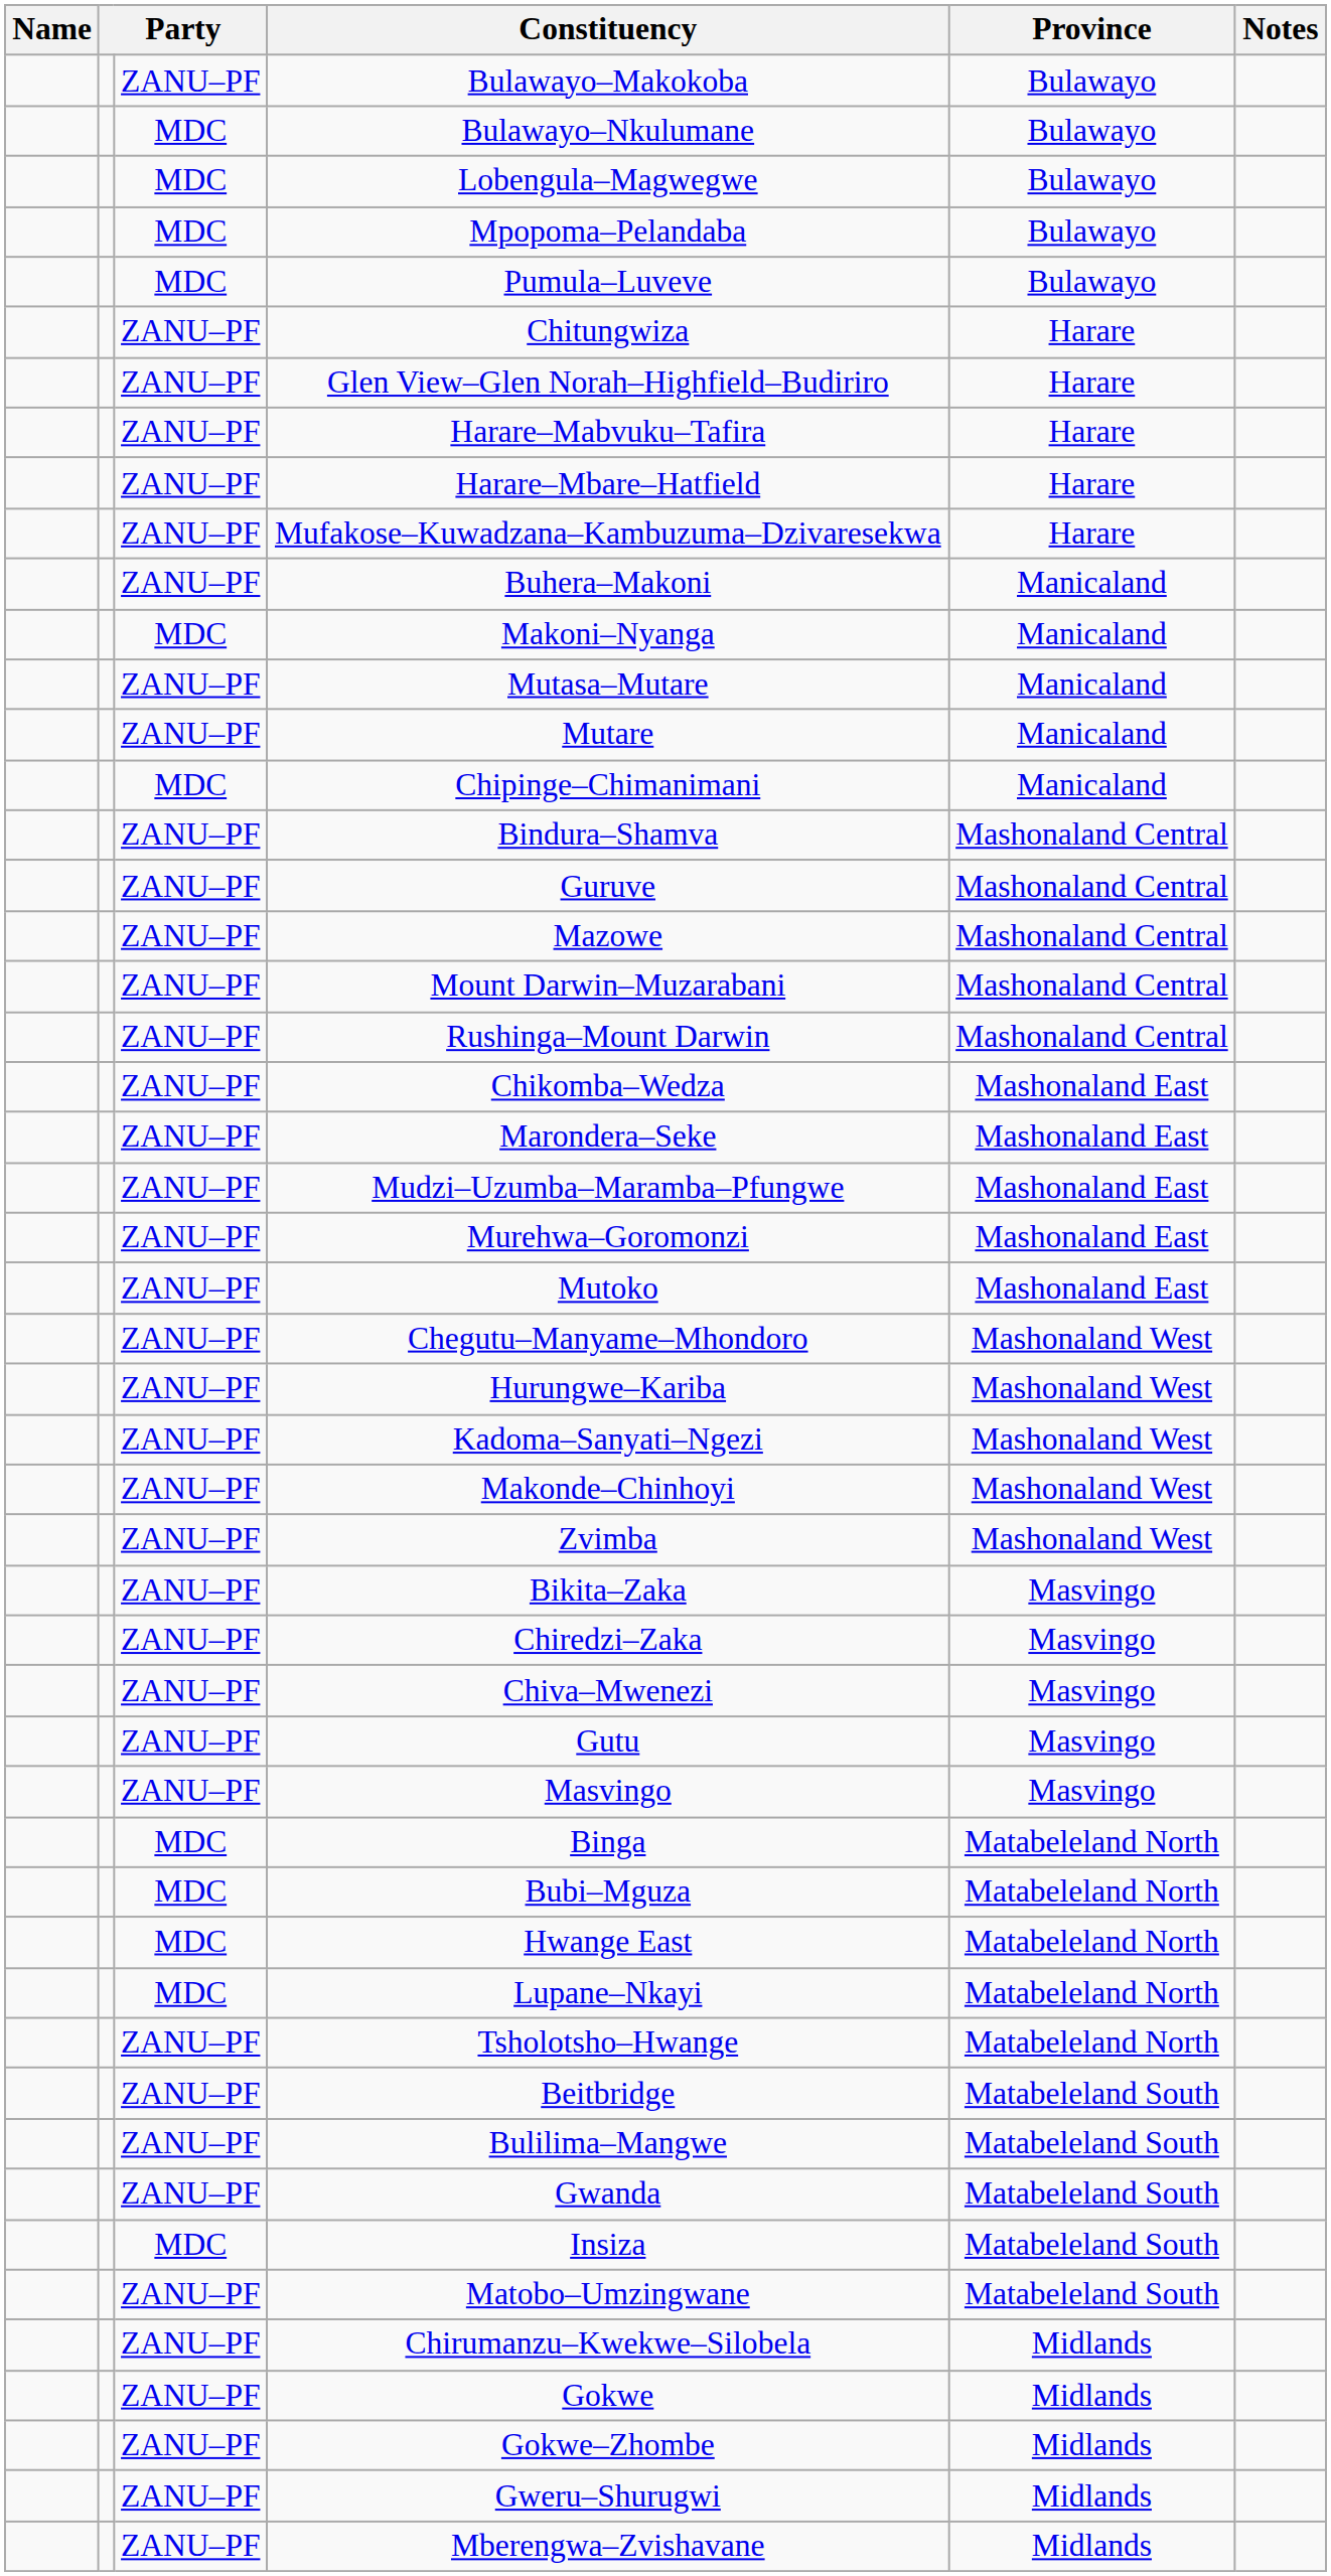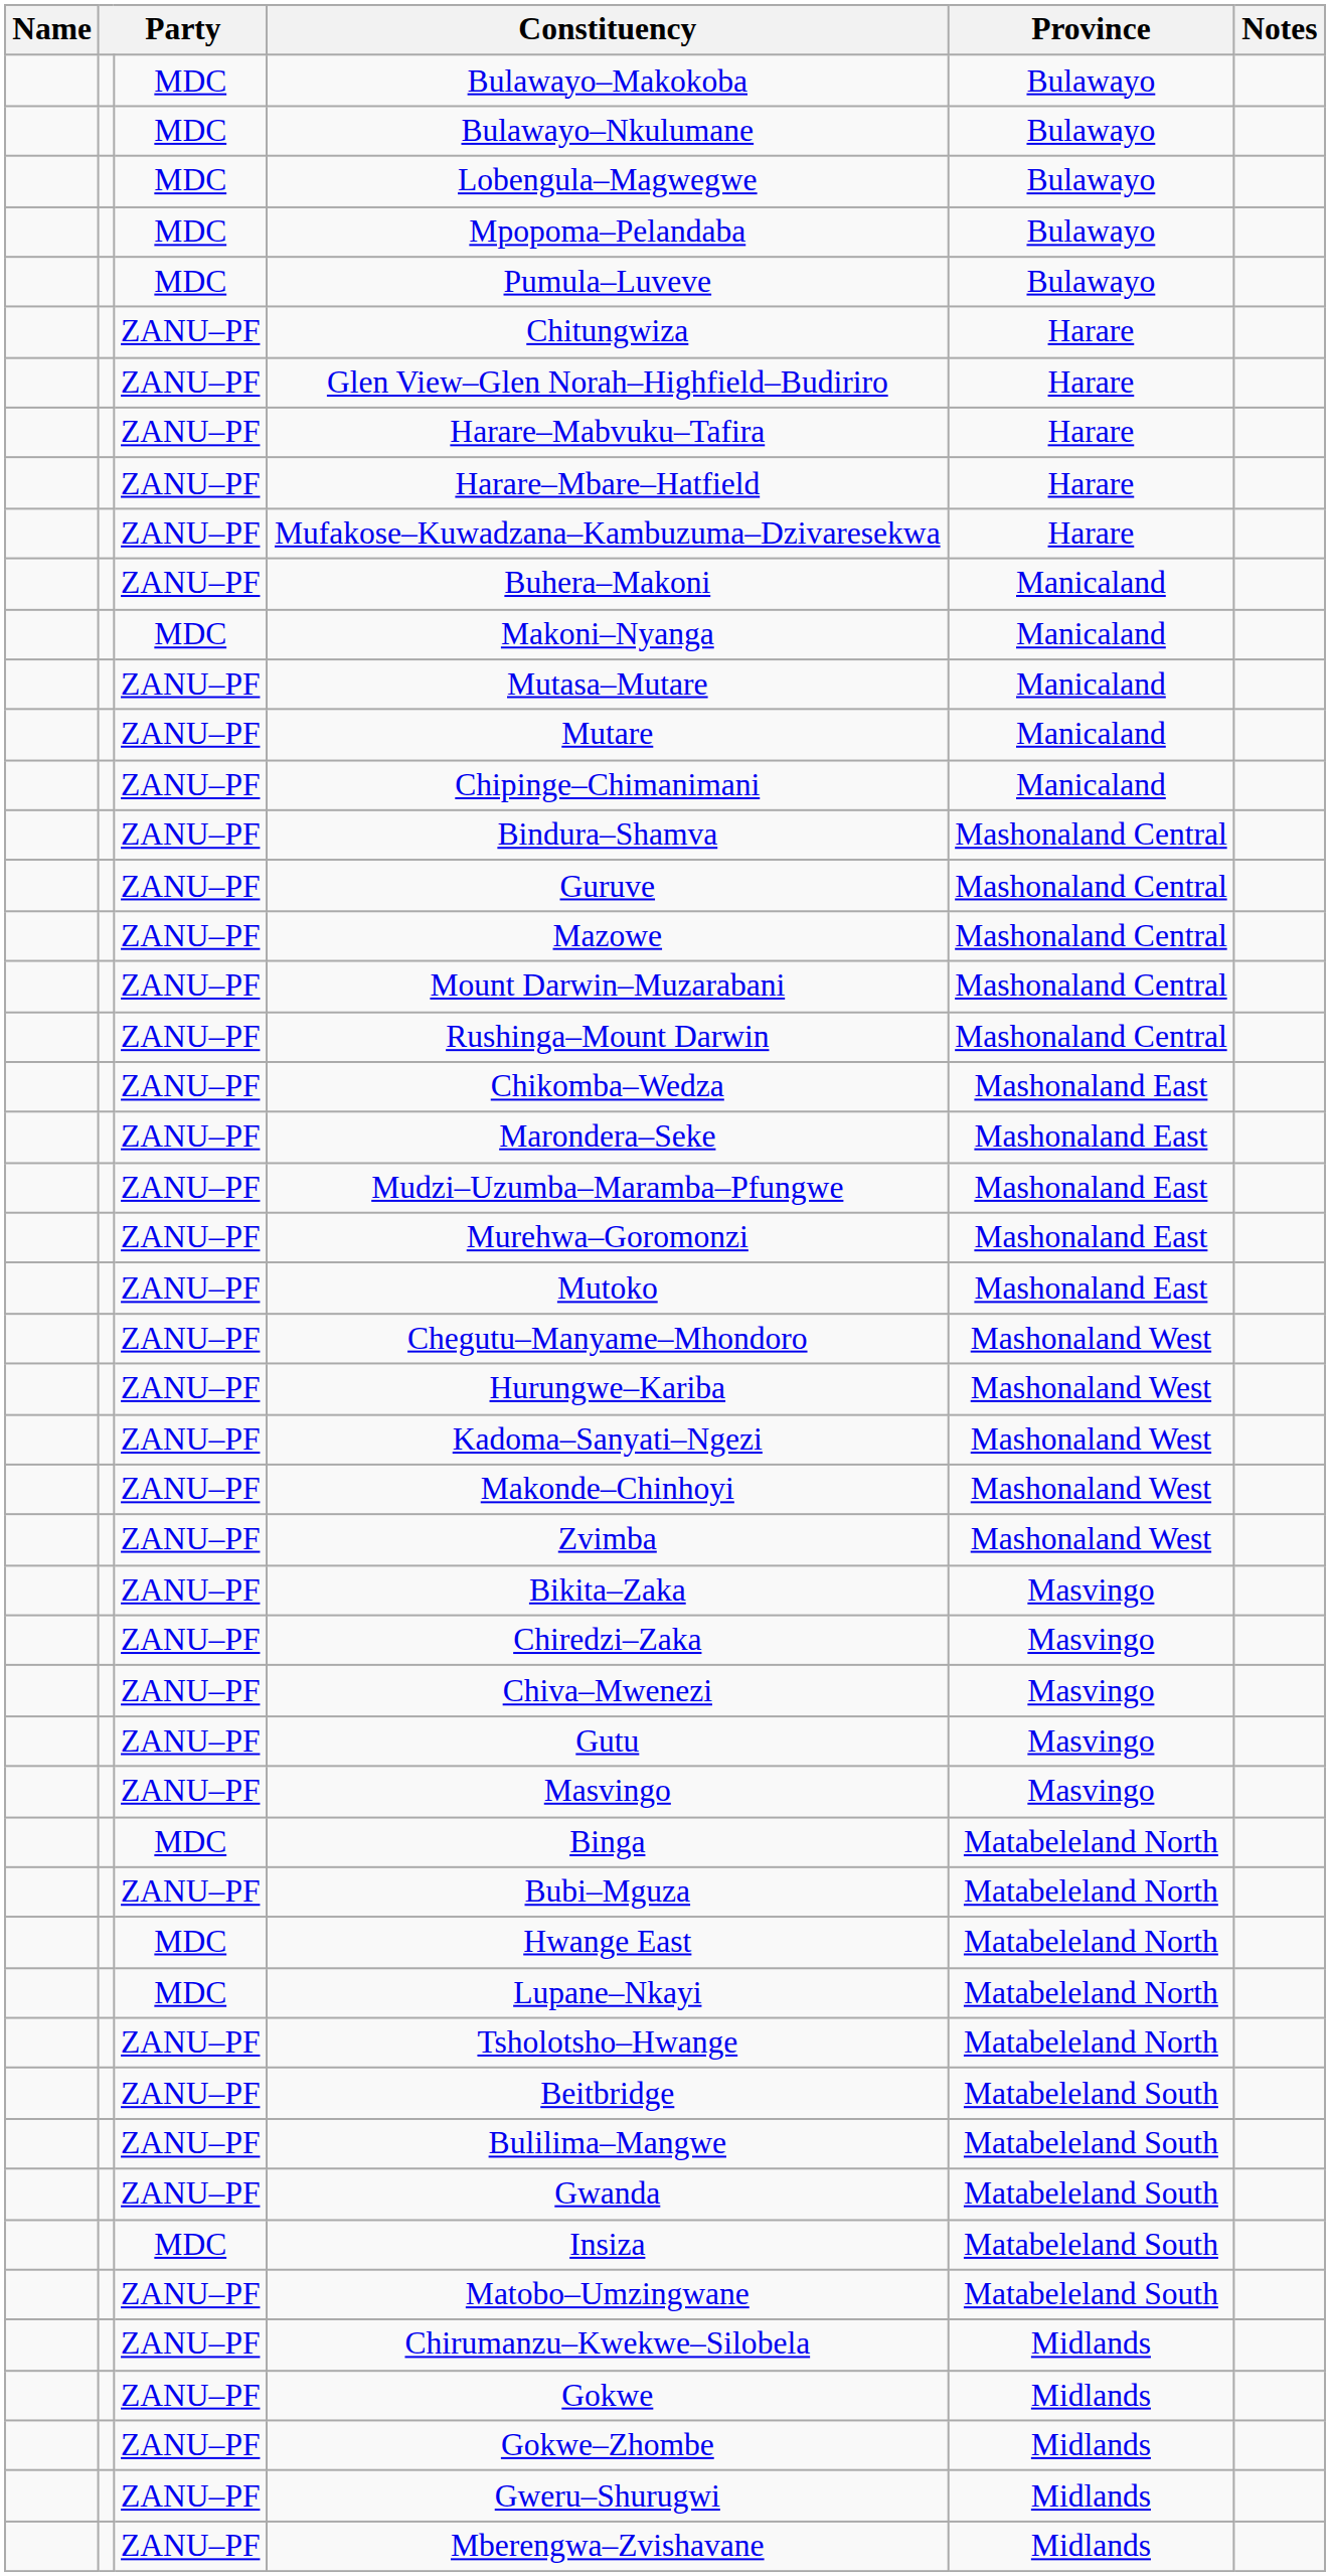 <table class="wikitable sortable" style="text-align:center">
 <tr>
 <th>Name</th>
 <th colspan="2">Party</th>
 <th>Constituency</th>
 <th>Province</th>
 <th>Notes</th>
 </tr>
 <tr>
 <td></td>
 <td style="background-color: "></td>
-<td><a href='#'>ZANU–PF</a></td>
+<td><a href='#'>MDC</a></td>
 <td><a href='#'>Bulawayo–Makokoba</a></td>
 <td><a href='#'>Bulawayo</a></td>
 <td></td>
 </tr>
 <tr>
 <td></td>
 <td style="background-color: "></td>
 <td><a href='#'>MDC</a></td>
 <td><a href='#'>Bulawayo–Nkulumane</a></td>
 <td><a href='#'>Bulawayo</a></td>
 <td></td>
 </tr>
 <tr>
 <td></td>
 <td style="background-color: "></td>
 <td><a href='#'>MDC</a></td>
 <td><a href='#'>Lobengula–Magwegwe</a></td>
 <td><a href='#'>Bulawayo</a></td>
 <td></td>
 </tr>
 <tr>
 <td></td>
 <td style="background-color: "></td>
 <td><a href='#'>MDC</a></td>
 <td><a href='#'>Mpopoma–Pelandaba</a></td>
 <td><a href='#'>Bulawayo</a></td>
 <td></td>
 </tr>
 <tr>
 <td></td>
 <td style="background-color: "></td>
 <td><a href='#'>MDC</a></td>
 <td><a href='#'>Pumula–Luveve</a></td>
 <td><a href='#'>Bulawayo</a></td>
 <td></td>
 </tr>
 <tr>
 <td></td>
 <td style="background-color: "></td>
 <td><a href='#'>ZANU–PF</a></td>
 <td><a href='#'>Chitungwiza</a></td>
 <td><a href='#'>Harare</a></td>
 <td></td>
 </tr>
 <tr>
 <td></td>
 <td style="background-color: "></td>
 <td><a href='#'>ZANU–PF</a></td>
 <td><a href='#'>Glen View–Glen Norah–Highfield–Budiriro</a></td>
 <td><a href='#'>Harare</a></td>
 <td></td>
 </tr>
 <tr>
 <td></td>
 <td style="background-color: "></td>
 <td><a href='#'>ZANU–PF</a></td>
 <td><a href='#'>Harare–Mabvuku–Tafira</a></td>
 <td><a href='#'>Harare</a></td>
 <td></td>
 </tr>
 <tr>
 <td></td>
 <td style="background-color: "></td>
 <td><a href='#'>ZANU–PF</a></td>
 <td><a href='#'>Harare–Mbare–Hatfield</a></td>
 <td><a href='#'>Harare</a></td>
 <td></td>
 </tr>
 <tr>
 <td></td>
 <td style="background-color: "></td>
 <td><a href='#'>ZANU–PF</a></td>
 <td><a href='#'>Mufakose–Kuwadzana–Kambuzuma–Dzivaresekwa</a></td>
 <td><a href='#'>Harare</a></td>
 <td></td>
 </tr>
 <tr>
 <td></td>
 <td style="background-color: "></td>
 <td><a href='#'>ZANU–PF</a></td>
 <td><a href='#'>Buhera–Makoni</a></td>
 <td><a href='#'>Manicaland</a></td>
 <td></td>
 </tr>
 <tr>
 <td></td>
 <td style="background-color: "></td>
 <td><a href='#'>MDC</a></td>
 <td><a href='#'>Makoni–Nyanga</a></td>
 <td><a href='#'>Manicaland</a></td>
 <td></td>
 </tr>
 <tr>
 <td></td>
 <td style="background-color: "></td>
 <td><a href='#'>ZANU–PF</a></td>
 <td><a href='#'>Mutasa–Mutare</a></td>
 <td><a href='#'>Manicaland</a></td>
 <td></td>
 </tr>
 <tr>
 <td></td>
 <td style="background-color: "></td>
 <td><a href='#'>ZANU–PF</a></td>
 <td><a href='#'>Mutare</a></td>
 <td><a href='#'>Manicaland</a></td>
 <td></td>
 </tr>
 <tr>
 <td></td>
 <td style="background-color: "></td>
-<td><a href='#'>MDC</a></td>
+<td><a href='#'>ZANU–PF</a></td>
 <td><a href='#'>Chipinge–Chimanimani</a></td>
 <td><a href='#'>Manicaland</a></td>
 <td></td>
 </tr>
 <tr>
 <td></td>
 <td style="background-color: "></td>
 <td><a href='#'>ZANU–PF</a></td>
 <td><a href='#'>Bindura–Shamva</a></td>
 <td><a href='#'>Mashonaland Central</a></td>
 <td></td>
 </tr>
 <tr>
 <td></td>
 <td style="background-color: "></td>
 <td><a href='#'>ZANU–PF</a></td>
 <td><a href='#'>Guruve</a></td>
 <td><a href='#'>Mashonaland Central</a></td>
 <td></td>
 </tr>
 <tr>
 <td></td>
 <td style="background-color: "></td>
 <td><a href='#'>ZANU–PF</a></td>
 <td><a href='#'>Mazowe</a></td>
 <td><a href='#'>Mashonaland Central</a></td>
 <td></td>
 </tr>
 <tr>
 <td></td>
 <td style="background-color: "></td>
 <td><a href='#'>ZANU–PF</a></td>
 <td><a href='#'>Mount Darwin–Muzarabani</a></td>
 <td><a href='#'>Mashonaland Central</a></td>
 <td></td>
 </tr>
 <tr>
 <td></td>
 <td style="background-color: "></td>
 <td><a href='#'>ZANU–PF</a></td>
 <td><a href='#'>Rushinga–Mount Darwin</a></td>
 <td><a href='#'>Mashonaland Central</a></td>
 <td></td>
 </tr>
 <tr>
 <td></td>
 <td style="background-color: "></td>
 <td><a href='#'>ZANU–PF</a></td>
 <td><a href='#'>Chikomba–Wedza</a></td>
 <td><a href='#'>Mashonaland East</a></td>
 <td></td>
 </tr>
 <tr>
 <td></td>
 <td style="background-color: "></td>
 <td><a href='#'>ZANU–PF</a></td>
 <td><a href='#'>Marondera–Seke</a></td>
 <td><a href='#'>Mashonaland East</a></td>
 <td></td>
 </tr>
 <tr>
 <td></td>
 <td style="background-color: "></td>
 <td><a href='#'>ZANU–PF</a></td>
 <td><a href='#'>Mudzi–Uzumba–Maramba–Pfungwe</a></td>
 <td><a href='#'>Mashonaland East</a></td>
 <td></td>
 </tr>
 <tr>
 <td></td>
 <td style="background-color: "></td>
 <td><a href='#'>ZANU–PF</a></td>
 <td><a href='#'>Murehwa–Goromonzi</a></td>
 <td><a href='#'>Mashonaland East</a></td>
 <td></td>
 </tr>
 <tr>
 <td></td>
 <td style="background-color: "></td>
 <td><a href='#'>ZANU–PF</a></td>
 <td><a href='#'>Mutoko</a></td>
 <td><a href='#'>Mashonaland East</a></td>
 <td></td>
 </tr>
 <tr>
 <td></td>
 <td style="background-color: "></td>
 <td><a href='#'>ZANU–PF</a></td>
 <td><a href='#'>Chegutu–Manyame–Mhondoro</a></td>
 <td><a href='#'>Mashonaland West</a></td>
 <td></td>
 </tr>
 <tr>
 <td></td>
 <td style="background-color: "></td>
 <td><a href='#'>ZANU–PF</a></td>
 <td><a href='#'>Hurungwe–Kariba</a></td>
 <td><a href='#'>Mashonaland West</a></td>
 <td></td>
 </tr>
 <tr>
 <td></td>
 <td style="background-color: "></td>
 <td><a href='#'>ZANU–PF</a></td>
 <td><a href='#'>Kadoma–Sanyati–Ngezi</a></td>
 <td><a href='#'>Mashonaland West</a></td>
 <td></td>
 </tr>
 <tr>
 <td></td>
 <td style="background-color: "></td>
 <td><a href='#'>ZANU–PF</a></td>
 <td><a href='#'>Makonde–Chinhoyi</a></td>
 <td><a href='#'>Mashonaland West</a></td>
 <td></td>
 </tr>
 <tr>
 <td></td>
 <td style="background-color: "></td>
 <td><a href='#'>ZANU–PF</a></td>
 <td><a href='#'>Zvimba</a></td>
 <td><a href='#'>Mashonaland West</a></td>
 <td></td>
 </tr>
 <tr>
 <td></td>
 <td style="background-color: "></td>
 <td><a href='#'>ZANU–PF</a></td>
 <td><a href='#'>Bikita–Zaka</a></td>
 <td><a href='#'>Masvingo</a></td>
 <td></td>
 </tr>
 <tr>
 <td></td>
 <td style="background-color: "></td>
 <td><a href='#'>ZANU–PF</a></td>
 <td><a href='#'>Chiredzi–Zaka</a></td>
 <td><a href='#'>Masvingo</a></td>
 <td></td>
 </tr>
 <tr>
 <td></td>
 <td style="background-color: "></td>
 <td><a href='#'>ZANU–PF</a></td>
 <td><a href='#'>Chiva–Mwenezi</a></td>
 <td><a href='#'>Masvingo</a></td>
 <td></td>
 </tr>
 <tr>
 <td></td>
 <td style="background-color: "></td>
 <td><a href='#'>ZANU–PF</a></td>
 <td><a href='#'>Gutu</a></td>
 <td><a href='#'>Masvingo</a></td>
 <td></td>
 </tr>
 <tr>
 <td></td>
 <td style="background-color: "></td>
 <td><a href='#'>ZANU–PF</a></td>
 <td><a href='#'>Masvingo</a></td>
 <td><a href='#'>Masvingo</a></td>
 <td></td>
 </tr>
 <tr>
 <td></td>
 <td style="background-color: "></td>
 <td><a href='#'>MDC</a></td>
 <td><a href='#'>Binga</a></td>
 <td><a href='#'>Matabeleland North</a></td>
 <td></td>
 </tr>
 <tr>
 <td></td>
 <td style="background-color: "></td>
-<td><a href='#'>MDC</a></td>
+<td><a href='#'>ZANU–PF</a></td>
 <td><a href='#'>Bubi–Mguza</a></td>
 <td><a href='#'>Matabeleland North</a></td>
 <td></td>
 </tr>
 <tr>
 <td></td>
 <td style="background-color: "></td>
 <td><a href='#'>MDC</a></td>
 <td><a href='#'>Hwange East</a></td>
 <td><a href='#'>Matabeleland North</a></td>
 <td></td>
 </tr>
 <tr>
 <td></td>
 <td style="background-color: "></td>
 <td><a href='#'>MDC</a></td>
 <td><a href='#'>Lupane–Nkayi</a></td>
 <td><a href='#'>Matabeleland North</a></td>
 <td></td>
 </tr>
 <tr>
 <td></td>
 <td style="background-color: "></td>
 <td><a href='#'>ZANU–PF</a></td>
 <td><a href='#'>Tsholotsho–Hwange</a></td>
 <td><a href='#'>Matabeleland North</a></td>
 <td></td>
 </tr>
 <tr>
 <td></td>
 <td style="background-color: "></td>
 <td><a href='#'>ZANU–PF</a></td>
 <td><a href='#'>Beitbridge</a></td>
 <td><a href='#'>Matabeleland South</a></td>
 <td></td>
 </tr>
 <tr>
 <td></td>
 <td style="background-color: "></td>
 <td><a href='#'>ZANU–PF</a></td>
 <td><a href='#'>Bulilima–Mangwe</a></td>
 <td><a href='#'>Matabeleland South</a></td>
 <td></td>
 </tr>
 <tr>
 <td></td>
 <td style="background-color: "></td>
 <td><a href='#'>ZANU–PF</a></td>
 <td><a href='#'>Gwanda</a></td>
 <td><a href='#'>Matabeleland South</a></td>
 <td></td>
 </tr>
 <tr>
 <td></td>
 <td style="background-color: "></td>
 <td><a href='#'>MDC</a></td>
 <td><a href='#'>Insiza</a></td>
 <td><a href='#'>Matabeleland South</a></td>
 <td></td>
 </tr>
 <tr>
 <td></td>
 <td style="background-color: "></td>
 <td><a href='#'>ZANU–PF</a></td>
 <td><a href='#'>Matobo–Umzingwane</a></td>
 <td><a href='#'>Matabeleland South</a></td>
 <td></td>
 </tr>
 <tr>
 <td></td>
 <td style="background-color: "></td>
 <td><a href='#'>ZANU–PF</a></td>
 <td><a href='#'>Chirumanzu–Kwekwe–Silobela</a></td>
 <td><a href='#'>Midlands</a></td>
 <td></td>
 </tr>
 <tr>
 <td></td>
 <td style="background-color: "></td>
 <td><a href='#'>ZANU–PF</a></td>
 <td><a href='#'>Gokwe</a></td>
 <td><a href='#'>Midlands</a></td>
 <td></td>
 </tr>
 <tr>
 <td></td>
 <td style="background-color: "></td>
 <td><a href='#'>ZANU–PF</a></td>
 <td><a href='#'>Gokwe–Zhombe</a></td>
 <td><a href='#'>Midlands</a></td>
 <td></td>
 </tr>
 <tr>
 <td></td>
 <td style="background-color: "></td>
 <td><a href='#'>ZANU–PF</a></td>
 <td><a href='#'>Gweru–Shurugwi</a></td>
 <td><a href='#'>Midlands</a></td>
 <td></td>
 </tr>
 <tr>
 <td></td>
 <td style="background-color: "></td>
 <td><a href='#'>ZANU–PF</a></td>
 <td><a href='#'>Mberengwa–Zvishavane</a></td>
 <td><a href='#'>Midlands</a></td>
 <td></td>
 </tr>
 </table>
